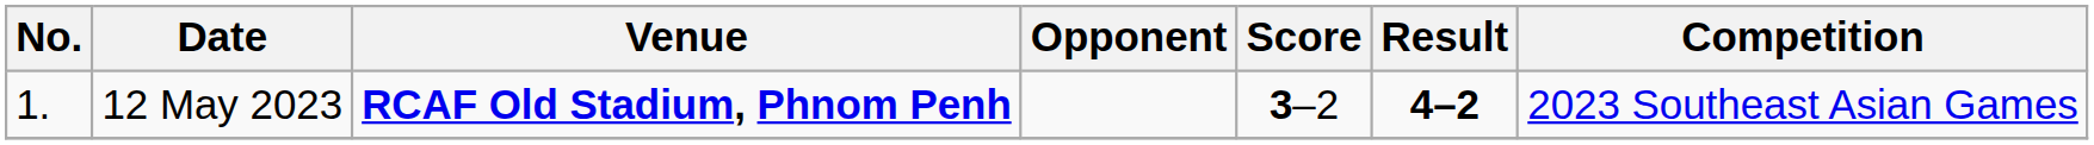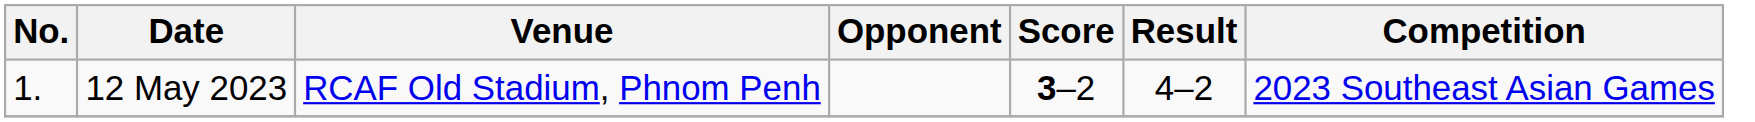 <table class="wikitable sortable">
 <tr>
 <th scope="col">No.</th>
 <th scope="col">Date</th>
 <th scope="col">Venue</th>
 <th scope="col">Opponent</th>
 <th scope="col">Score</th>
 <th scope="col">Result</th>
 <th scope="col">Competition</th>
 </tr>
 <tr>
 <td>1.</td>
 <td>12 May 2023</td>
-<td><strong><a href='#'>RCAF Old Stadium</a>, <a href='#'>Phnom Penh</a></strong></td>
+<td><a href='#'>RCAF Old Stadium</a>, <a href='#'>Phnom Penh</a></td>
 <td></td>
 <td align=center><strong>3</strong>–2</td>
-<td align=center><strong>4–2</strong></td>
+<td align=center>4–2</td>
 <td><a href='#'>2023 Southeast Asian Games</a></td>
 </tr>
 <tr>
 </tr>
 </table>
